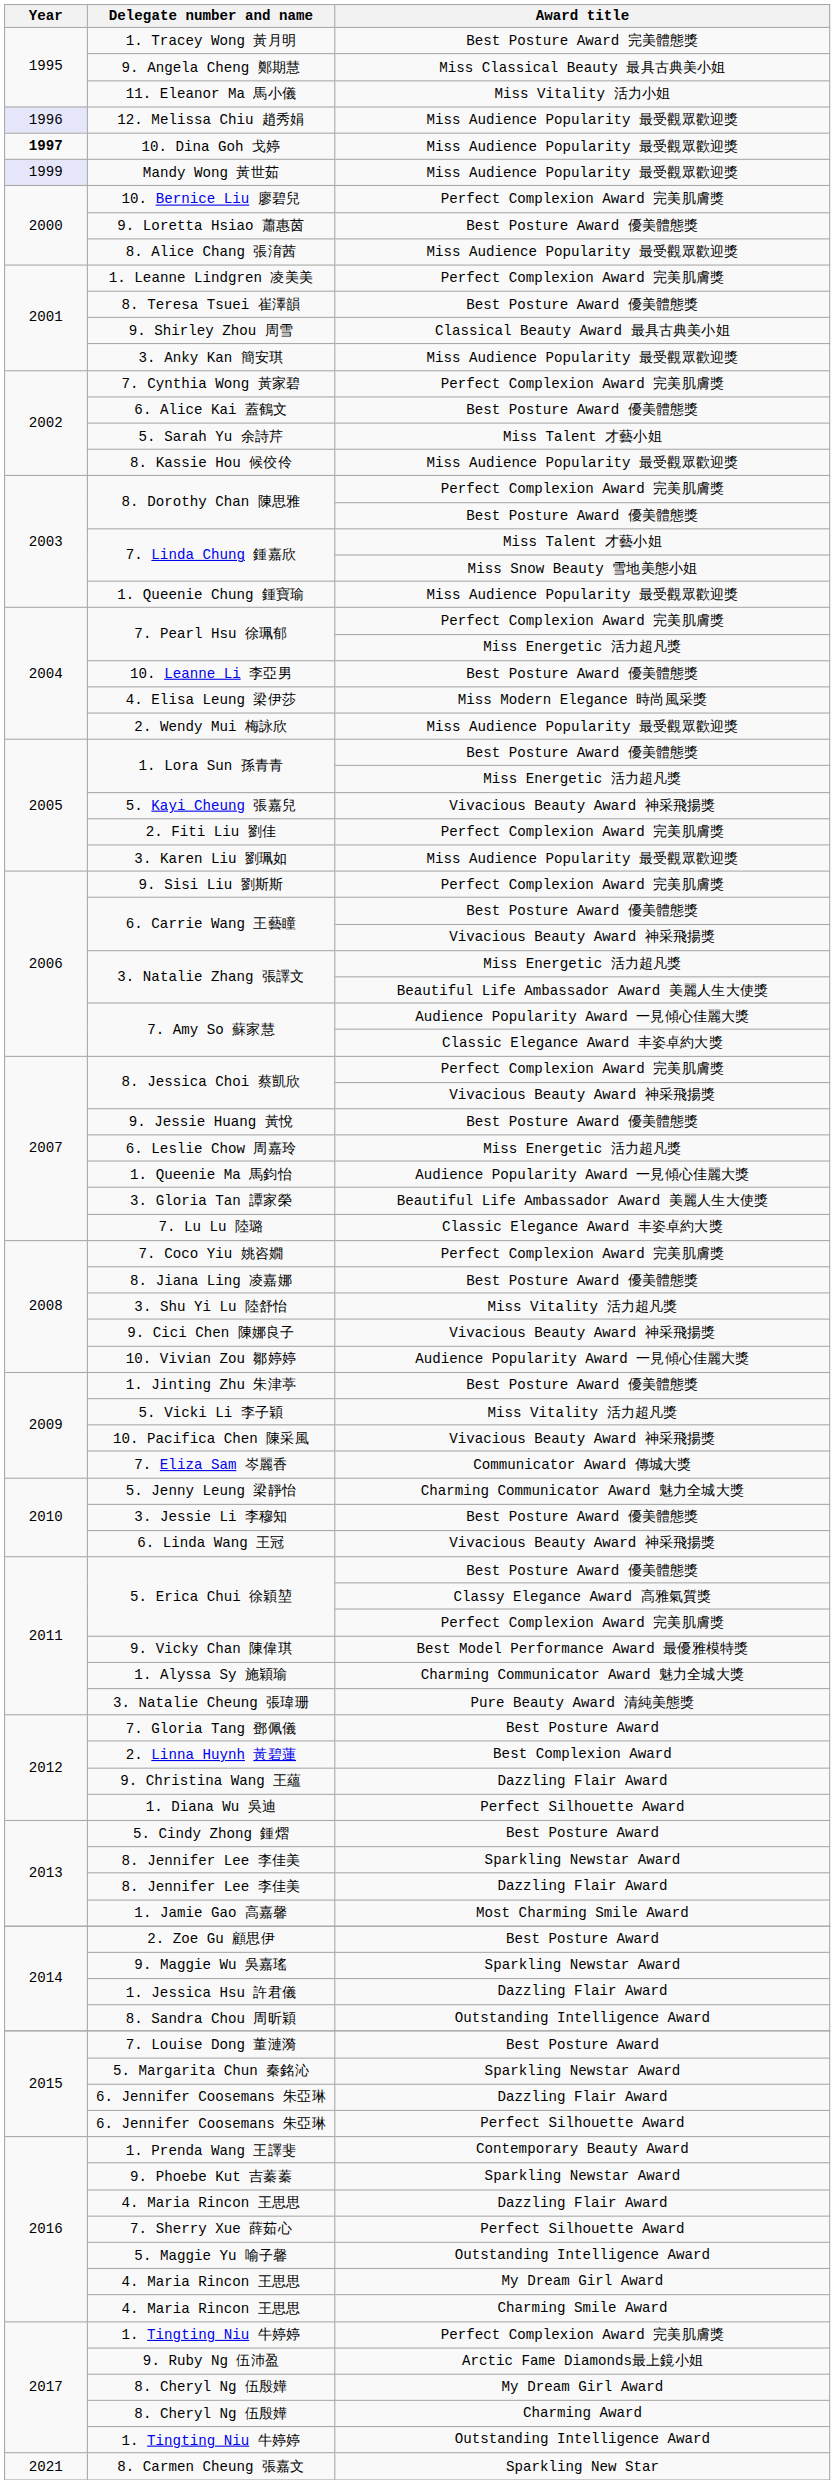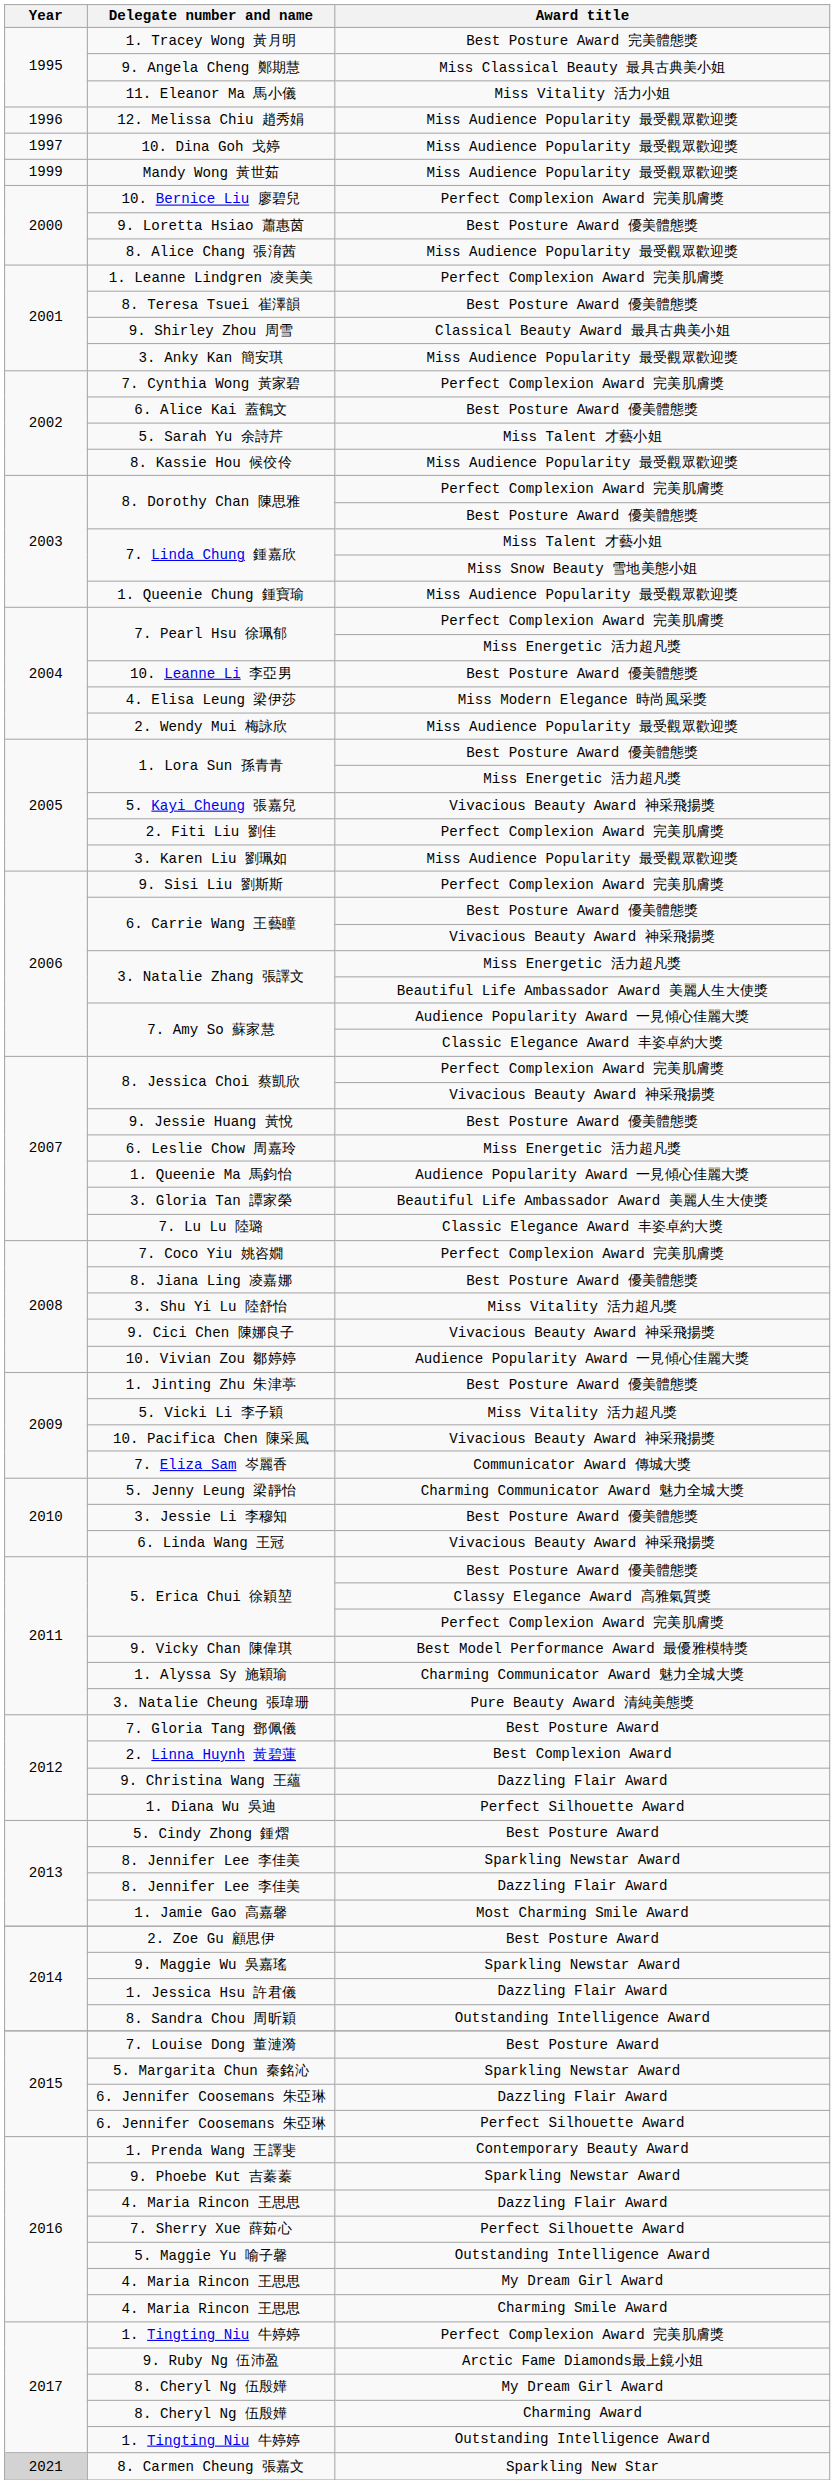 <table class="wikitable" style="width:60%;text-align:center">
 <tr>
 <th width="5%"><strong>Year</strong></th>
 <th width="15%"><strong>Delegate number and name</strong></th>
 <th width="30%"><strong>Award title</strong></th>
 </tr>
 <tr>
 <td rowspan="3">1995</td>
 <td>1. Tracey Wong 黃月明</td>
 <td>Best Posture Award 完美體態獎</td>
 </tr>
 <tr>
 <td>9. Angela Cheng 鄭期慧</td>
 <td>Miss Classical Beauty 最具古典美小姐</td>
 </tr>
 <tr>
 <td>11. Eleanor Ma 馬小儀</td>
 <td>Miss Vitality 活力小姐</td>
 </tr>
 <tr>
-<td style="background: lavender;">1996</td>
+<td>1996</td>
 <td>12. Melissa Chiu 趙秀娟</td>
 <td>Miss Audience Popularity 最受觀眾歡迎獎</td>
 </tr>
 <tr>
-<td><strong>1997</strong></td>
+<td>1997</td>
 <td>10. Dina Goh 戈婷</td>
 <td>Miss Audience Popularity 最受觀眾歡迎獎</td>
 </tr>
 <tr>
-<td style="background: lavender;">1999</td>
+<td>1999</td>
 <td>Mandy Wong 黃世茹</td>
 <td>Miss Audience Popularity 最受觀眾歡迎獎</td>
 </tr>
 <tr>
 <td rowspan="3">2000</td>
 <td>10. <a href='#'>Bernice Liu</a> 廖碧兒</td>
 <td>Perfect Complexion Award 完美肌膚獎</td>
 </tr>
 <tr>
 <td>9. Loretta Hsiao 蕭惠茵</td>
 <td>Best Posture Award 優美體態獎</td>
 </tr>
 <tr>
 <td>8. Alice Chang 張淯茜</td>
 <td>Miss Audience Popularity 最受觀眾歡迎獎</td>
 </tr>
 <tr>
 <td rowspan="4">2001</td>
 <td>1. Leanne Lindgren 凌美美</td>
 <td>Perfect Complexion Award 完美肌膚獎</td>
 </tr>
 <tr>
 <td>8. Teresa Tsuei 崔澤韻</td>
 <td>Best Posture Award 優美體態獎</td>
 </tr>
 <tr>
 <td>9. Shirley Zhou 周雪</td>
 <td>Classical Beauty Award 最具古典美小姐</td>
 </tr>
 <tr>
 <td>3. Anky Kan 簡安琪</td>
 <td>Miss Audience Popularity 最受觀眾歡迎獎</td>
 </tr>
 <tr>
 <td rowspan="4">2002</td>
 <td>7. Cynthia Wong 黃家碧</td>
 <td>Perfect Complexion Award 完美肌膚獎</td>
 </tr>
 <tr>
 <td>6. Alice Kai 蓋鶴文</td>
 <td>Best Posture Award 優美體態獎</td>
 </tr>
 <tr>
 <td>5. Sarah Yu 余詩芹</td>
 <td>Miss Talent 才藝小姐</td>
 </tr>
 <tr>
 <td>8. Kassie Hou 候佼伶</td>
 <td>Miss Audience Popularity 最受觀眾歡迎獎</td>
 </tr>
 <tr>
 <td rowspan="5">2003</td>
 <td rowspan="2">8. Dorothy Chan 陳思雅</td>
 <td>Perfect Complexion Award 完美肌膚獎</td>
 </tr>
 <tr>
 <td>Best Posture Award 優美體態獎</td>
 </tr>
 <tr>
 <td rowspan="2">7. <a href='#'>Linda Chung</a> 鍾嘉欣</td>
 <td>Miss Talent 才藝小姐</td>
 </tr>
 <tr>
 <td>Miss Snow Beauty 雪地美態小姐</td>
 </tr>
 <tr>
 <td>1. Queenie Chung 鍾寶瑜</td>
 <td>Miss Audience Popularity 最受觀眾歡迎獎</td>
 </tr>
 <tr>
 <td rowspan="5">2004</td>
 <td rowspan="2">7. Pearl Hsu 徐珮郁</td>
 <td>Perfect Complexion Award 完美肌膚獎</td>
 </tr>
 <tr>
 <td>Miss Energetic 活力超凡獎</td>
 </tr>
 <tr>
 <td>10. <a href='#'>Leanne Li</a> 李亞男</td>
 <td>Best Posture Award 優美體態獎</td>
 </tr>
 <tr>
 <td>4. Elisa Leung 梁伊莎</td>
 <td>Miss Modern Elegance 時尚風采獎</td>
 </tr>
 <tr>
 <td>2. Wendy Mui 梅詠欣</td>
 <td>Miss Audience Popularity 最受觀眾歡迎獎</td>
 </tr>
 <tr>
 <td rowspan="5">2005</td>
 <td rowspan="2">1. Lora Sun 孫青青</td>
 <td>Best Posture Award 優美體態獎</td>
 </tr>
 <tr>
 <td>Miss Energetic 活力超凡獎</td>
 </tr>
 <tr>
 <td>5. <a href='#'>Kayi Cheung</a> 張嘉兒</td>
 <td>Vivacious Beauty Award 神采飛揚獎</td>
 </tr>
 <tr>
 <td>2. Fiti Liu 劉佳</td>
 <td>Perfect Complexion Award 完美肌膚獎</td>
 </tr>
 <tr>
 <td>3. Karen Liu 劉珮如</td>
 <td>Miss Audience Popularity 最受觀眾歡迎獎</td>
 </tr>
 <tr>
 <td rowspan="7">2006</td>
 <td>9. Sisi Liu 劉斯斯</td>
 <td>Perfect Complexion Award 完美肌膚獎</td>
 </tr>
 <tr>
 <td rowspan="2">6. Carrie Wang 王藝瞳</td>
 <td>Best Posture Award 優美體態獎</td>
 </tr>
 <tr>
 <td>Vivacious Beauty Award 神采飛揚獎</td>
 </tr>
 <tr>
 <td rowspan="2">3. Natalie Zhang 張譯文</td>
 <td>Miss Energetic 活力超凡獎</td>
 </tr>
 <tr>
 <td>Beautiful Life Ambassador Award 美麗人生大使獎</td>
 </tr>
 <tr>
 <td rowspan="2">7. Amy So 蘇家慧</td>
 <td>Audience Popularity Award 一見傾心佳麗大獎</td>
 </tr>
 <tr>
 <td>Classic Elegance Award 丰姿卓約大獎</td>
 </tr>
 <tr>
 <td rowspan="7">2007</td>
 <td rowspan="2">8. Jessica Choi 蔡凱欣</td>
 <td>Perfect Complexion Award 完美肌膚獎</td>
 </tr>
 <tr>
 <td>Vivacious Beauty Award 神采飛揚獎</td>
 </tr>
 <tr>
 <td>9. Jessie Huang 黃悅</td>
 <td>Best Posture Award 優美體態獎</td>
 </tr>
 <tr>
 <td>6. Leslie Chow 周嘉玲</td>
 <td>Miss Energetic 活力超凡獎</td>
 </tr>
 <tr>
 <td>1. Queenie Ma 馬鈞怡</td>
 <td>Audience Popularity Award 一見傾心佳麗大獎</td>
 </tr>
 <tr>
 <td>3. Gloria Tan 譚家榮</td>
 <td>Beautiful Life Ambassador Award 美麗人生大使獎</td>
 </tr>
 <tr>
 <td>7. Lu Lu 陸璐</td>
 <td>Classic Elegance Award 丰姿卓約大獎</td>
 </tr>
 <tr>
 <td rowspan="5">2008</td>
 <td>7. Coco Yiu 姚咨嫺</td>
 <td>Perfect Complexion Award 完美肌膚獎</td>
 </tr>
 <tr>
 <td>8. Jiana Ling 凌嘉娜</td>
 <td>Best Posture Award 優美體態獎</td>
 </tr>
 <tr>
 <td>3. Shu Yi Lu 陸舒怡</td>
 <td>Miss Vitality 活力超凡獎</td>
 </tr>
 <tr>
 <td>9. Cici Chen 陳娜良子</td>
 <td>Vivacious Beauty Award 神采飛揚獎</td>
 </tr>
 <tr>
 <td>10. Vivian Zou 鄒婷婷</td>
 <td>Audience Popularity Award 一見傾心佳麗大獎</td>
 </tr>
 <tr>
 <td rowspan="4">2009</td>
 <td>1. Jinting Zhu 朱津葶</td>
 <td>Best Posture Award 優美體態獎</td>
 </tr>
 <tr>
 <td>5. Vicki Li 李子穎</td>
 <td>Miss Vitality 活力超凡獎</td>
 </tr>
 <tr>
 <td>10. Pacifica Chen 陳采風</td>
 <td>Vivacious Beauty Award 神采飛揚獎</td>
 </tr>
 <tr>
 <td>7. <a href='#'>Eliza Sam</a> 岑麗香</td>
 <td>Communicator Award 傳城大獎</td>
 </tr>
 <tr>
 <td rowspan="3">2010</td>
 <td>5. Jenny Leung 梁靜怡</td>
 <td>Charming Communicator Award 魅力全城大獎</td>
 </tr>
 <tr>
 <td>3. Jessie Li 李穆知</td>
 <td>Best Posture Award 優美體態獎</td>
 </tr>
 <tr>
 <td>6. Linda Wang 王冠</td>
 <td>Vivacious Beauty Award 神采飛揚獎</td>
 </tr>
 <tr>
 <td rowspan="6">2011</td>
 <td rowspan="3">5. Erica Chui 徐穎堃</td>
 <td>Best Posture Award 優美體態獎</td>
 </tr>
 <tr>
 <td>Classy Elegance Award 高雅氣質獎</td>
 </tr>
 <tr>
 <td>Perfect Complexion Award 完美肌膚獎</td>
 </tr>
 <tr>
 <td>9. Vicky Chan 陳偉琪</td>
 <td>Best Model Performance Award 最優雅模特獎</td>
 </tr>
 <tr>
 <td>1. Alyssa Sy 施穎瑜</td>
 <td>Charming Communicator Award 魅力全城大獎</td>
 </tr>
 <tr>
 <td>3. Natalie Cheung 張瑋珊</td>
 <td>Pure Beauty Award 清純美態獎</td>
 </tr>
 <tr>
 <td rowspan="4">2012</td>
 <td>7. Gloria Tang 鄧佩儀</td>
 <td>Best Posture Award</td>
 </tr>
 <tr>
 <td>2. <a href='#'>Linna Huynh</a> <a href='#'>黃碧蓮</a></td>
 <td>Best Complexion Award</td>
 </tr>
 <tr>
 <td>9. Christina Wang 王蘊</td>
 <td>Dazzling Flair Award</td>
 </tr>
 <tr>
 <td>1. Diana Wu 吳迪</td>
 <td>Perfect Silhouette Award</td>
 </tr>
 <tr>
 <td rowspan="4">2013</td>
 <td>5. Cindy Zhong 鍾熠</td>
 <td>Best Posture Award</td>
 </tr>
 <tr>
 <td>8. Jennifer Lee 李佳美</td>
 <td>Sparkling Newstar Award</td>
 </tr>
 <tr>
 <td>8. Jennifer Lee 李佳美</td>
 <td>Dazzling Flair Award</td>
 </tr>
 <tr>
 <td>1. Jamie Gao 高嘉馨</td>
 <td>Most Charming Smile Award</td>
 </tr>
 <tr>
 </tr>
 <tr>
 <td rowspan="4">2014</td>
 <td>2. Zoe Gu 顧思伊</td>
 <td>Best Posture Award</td>
 </tr>
 <tr>
 <td>9. Maggie Wu 吳嘉瑤</td>
 <td>Sparkling Newstar Award</td>
 </tr>
 <tr>
 <td>1. Jessica Hsu 許君儀</td>
 <td>Dazzling Flair Award</td>
 </tr>
 <tr>
 <td>8. Sandra Chou 周昕穎</td>
 <td>Outstanding Intelligence Award</td>
 </tr>
 <tr>
 </tr>
 <tr>
 <td rowspan="4">2015</td>
 <td>7. Louise Dong 董漣漪</td>
 <td>Best Posture Award</td>
 </tr>
 <tr>
 <td>5. Margarita Chun 秦銘沁</td>
 <td>Sparkling Newstar Award</td>
 </tr>
 <tr>
 <td>6. Jennifer Coosemans 朱亞琳</td>
 <td>Dazzling Flair Award</td>
 </tr>
 <tr>
 <td>6. Jennifer Coosemans 朱亞琳</td>
 <td>Perfect Silhouette Award</td>
 </tr>
 <tr>
 <td rowspan="7">2016</td>
 <td>1. Prenda Wang 王譯斐</td>
 <td>Contemporary Beauty Award</td>
 </tr>
 <tr>
 <td>9. Phoebe Kut 吉蓁蓁</td>
 <td>Sparkling Newstar Award</td>
 </tr>
 <tr>
 <td>4. Maria Rincon 王思思</td>
 <td>Dazzling Flair Award</td>
 </tr>
 <tr>
 <td>7. Sherry Xue 薛茹心</td>
 <td>Perfect Silhouette Award</td>
 </tr>
 <tr>
 <td>5. Maggie Yu 喻子馨</td>
 <td>Outstanding Intelligence Award</td>
 </tr>
 <tr>
 <td>4. Maria Rincon 王思思</td>
 <td>My Dream Girl Award</td>
 </tr>
 <tr>
 <td>4. Maria Rincon 王思思</td>
 <td>Charming Smile Award</td>
 </tr>
 <tr>
 <td rowspan="5">2017</td>
 <td>1. <a href='#'>Tingting Niu</a> 牛婷婷</td>
 <td>Perfect Complexion Award 完美肌膚獎</td>
 </tr>
 <tr>
 <td>9. Ruby Ng 伍沛盈</td>
 <td>Arctic Fame Diamonds最上鏡小姐</td>
 </tr>
 <tr>
 <td>8. Cheryl Ng 伍殷嬅</td>
 <td>My Dream Girl Award</td>
 </tr>
 <tr>
 <td>8. Cheryl Ng 伍殷嬅</td>
 <td>Charming Award</td>
 </tr>
 <tr>
 <td>1. <a href='#'>Tingting Niu</a> 牛婷婷</td>
 <td>Outstanding Intelligence Award</td>
 </tr>
 <tr>
-<td>2021</td>
+<td style="background: lightgrey;">2021</td>
 <td>8. Carmen Cheung 張嘉文</td>
 <td>Sparkling New Star</td>
 </tr>
 </table>
